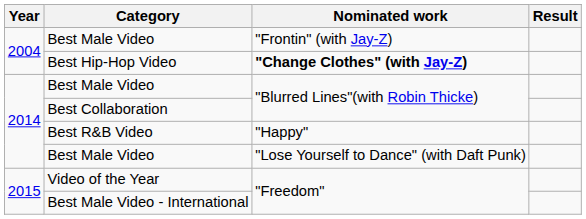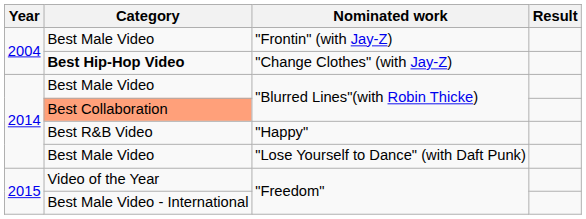 <table class="wikitable">
 <tr>
 <th>Year</th>
 <th>Category</th>
 <th>Nominated work</th>
 <th>Result</th>
 </tr>
 <tr>
 <td rowspan="2"><a href='#'>2004</a></td>
 <td>Best Male Video</td>
 <td>"Frontin" (with <a href='#'>Jay-Z</a>)</td>
 <td></td>
 </tr>
 <tr>
-<td>Best Hip-Hop Video</td>
-<td><strong>"Change Clothes" (with <a href='#'>Jay-Z</a>)</strong></td>
+<td><strong>Best Hip-Hop Video</strong></td>
+<td>"Change Clothes" (with <a href='#'>Jay-Z</a>)</td>
 <td></td>
 </tr>
 <tr>
 <td rowspan="4"><a href='#'>2014</a></td>
 <td>Best Male Video</td>
 <td rowspan="2">"Blurred Lines"(with <a href='#'>Robin Thicke</a>)</td>
 <td></td>
 </tr>
 <tr>
-<td>Best Collaboration</td>
+<td style="background: lightsalmon;">Best Collaboration</td>
 <td></td>
 </tr>
 <tr>
 <td>Best R&B Video</td>
 <td>"Happy"</td>
 <td></td>
 </tr>
 <tr>
 <td>Best Male Video</td>
 <td>"Lose Yourself to Dance" (with Daft Punk)</td>
 <td></td>
 </tr>
 <tr>
 <td rowspan="2"><a href='#'>2015</a></td>
 <td>Video of the Year</td>
 <td rowspan="2">"Freedom"</td>
 <td></td>
 </tr>
 <tr>
 <td>Best Male Video - International</td>
 <td></td>
 </tr>
 </table>
